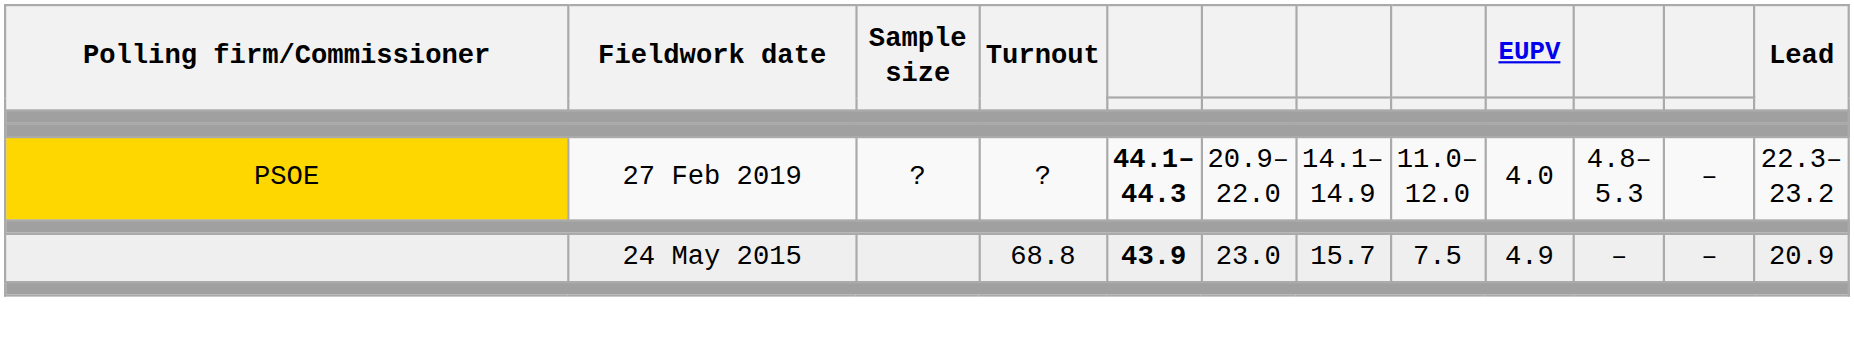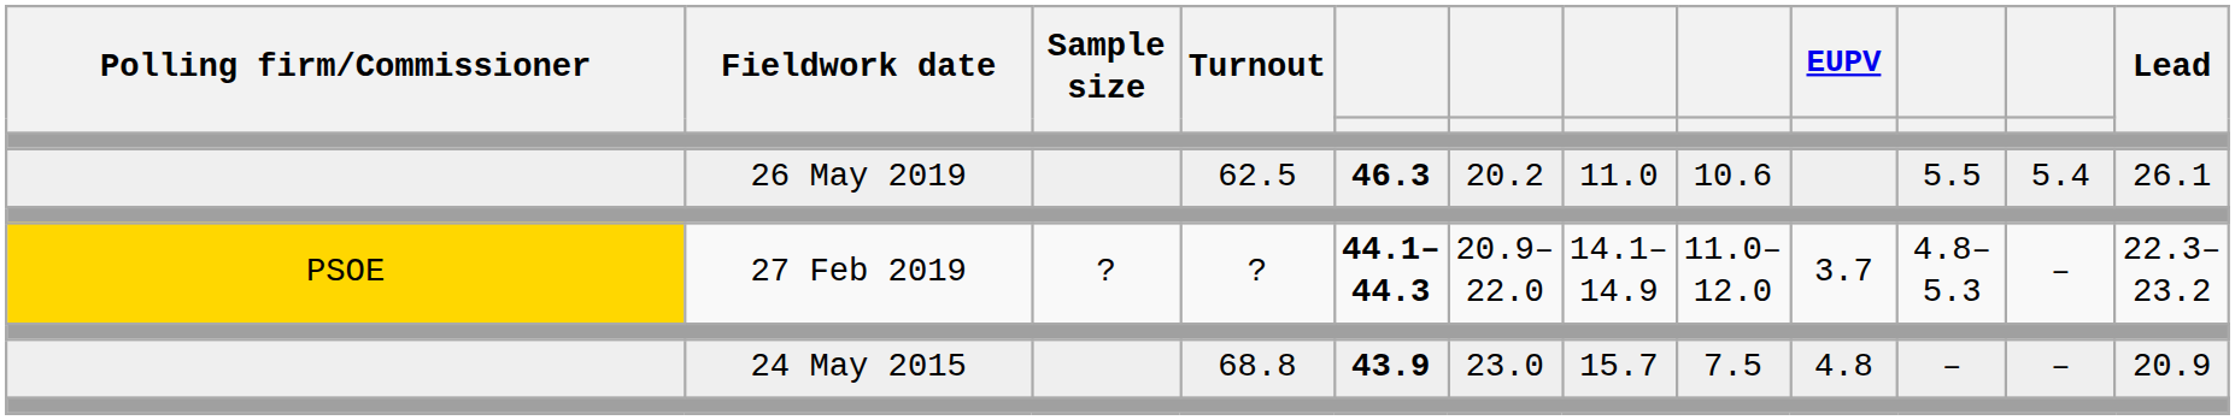 <table class="wikitable collapsible collapsed" style="text-align:center; font-size:95%; line-height:16px;">
 <tr style="height:42px;">
 <th style="width:250px;" rowspan="2">Polling firm/Commissioner</th>
 <th style="width:125px;" rowspan="2">Fieldwork date</th>
 <th style="width:50px;" rowspan="2">Sample size</th>
 <th style="width:45px;" rowspan="2">Turnout</th>
 <th style="width:35px;"></th>
 <th style="width:35px;"></th>
 <th style="width:35px;"></th>
 <th style="width:35px;"></th>
 <th style="width:35px; font-size:95%;"><a href='#'>EUPV</a></th>
 <th style="width:35px;"></th>
 <th style="width:35px;"></th>
 <th style="width:30px;" rowspan="2">Lead</th>
 </tr>
 <tr>
 <th style="color:inherit;background:"></th>
 <th style="color:inherit;background:"></th>
 <th style="color:inherit;background:"></th>
 <th style="color:inherit;background:"></th>
 <th style="color:inherit;background:"></th>
 <th style="color:inherit;background:"></th>
 <th style="color:inherit;background:"></th>
 </tr>
 <tr>
 <td colspan="12" style="background:#A0A0A0"></td>
 </tr>
+<tr style="background:#EFEFEF;">
+<td><strong></strong></td>
+<td>26 May 2019</td>
+<td></td>
+<td>62.5</td>
+<td><strong>46.3</strong><br></td>
+<td>20.2<br></td>
+<td>11.0<br></td>
+<td>10.6<br></td>
+<td></td>
+<td>5.5<br></td>
+<td>5.4<br></td>
+<td style="background:">26.1</td>
+</tr>
 <tr>
 <td colspan="12" style="background:#A0A0A0"></td>
 </tr>
 <tr>
 <td style="background: gold;">PSOE</td>
 <td>27 Feb 2019</td>
 <td>?</td>
 <td>?</td>
 <td><strong>44.1–<br>44.3</strong><br></td>
 <td>20.9–<br>22.0<br></td>
 <td>14.1–<br>14.9<br></td>
 <td>11.0–<br>12.0<br></td>
-<td>4.0<br></td>
+<td>3.7<br></td>
 <td>4.8–<br>5.3<br></td>
 <td>–</td>
 <td style="background:">22.3–<br>23.2</td>
 </tr>
 <tr>
 <td colspan="12" style="background:#A0A0A0"></td>
 </tr>
 <tr style="background:#EFEFEF;">
 <td><strong></strong></td>
 <td>24 May 2015</td>
 <td></td>
 <td>68.8</td>
 <td><strong>43.9</strong><br></td>
 <td>23.0<br></td>
 <td>15.7<br></td>
 <td>7.5<br></td>
-<td>4.9<br></td>
+<td>4.8<br></td>
 <td>–</td>
 <td>–</td>
 <td style="background:">20.9</td>
 </tr>
 <tr>
 <td colspan="12" style="background:#A0A0A0"></td>
 </tr>
 </table>
